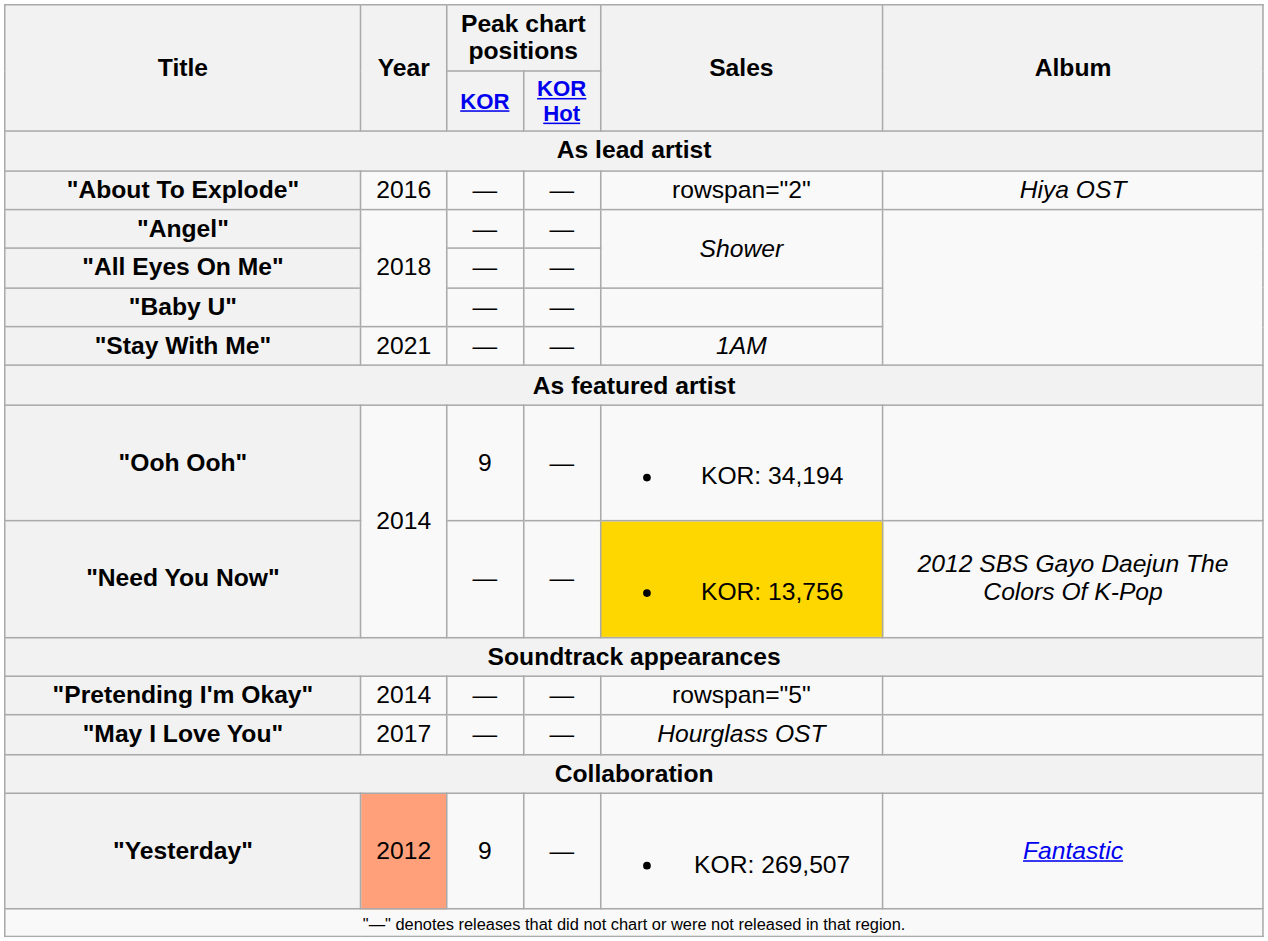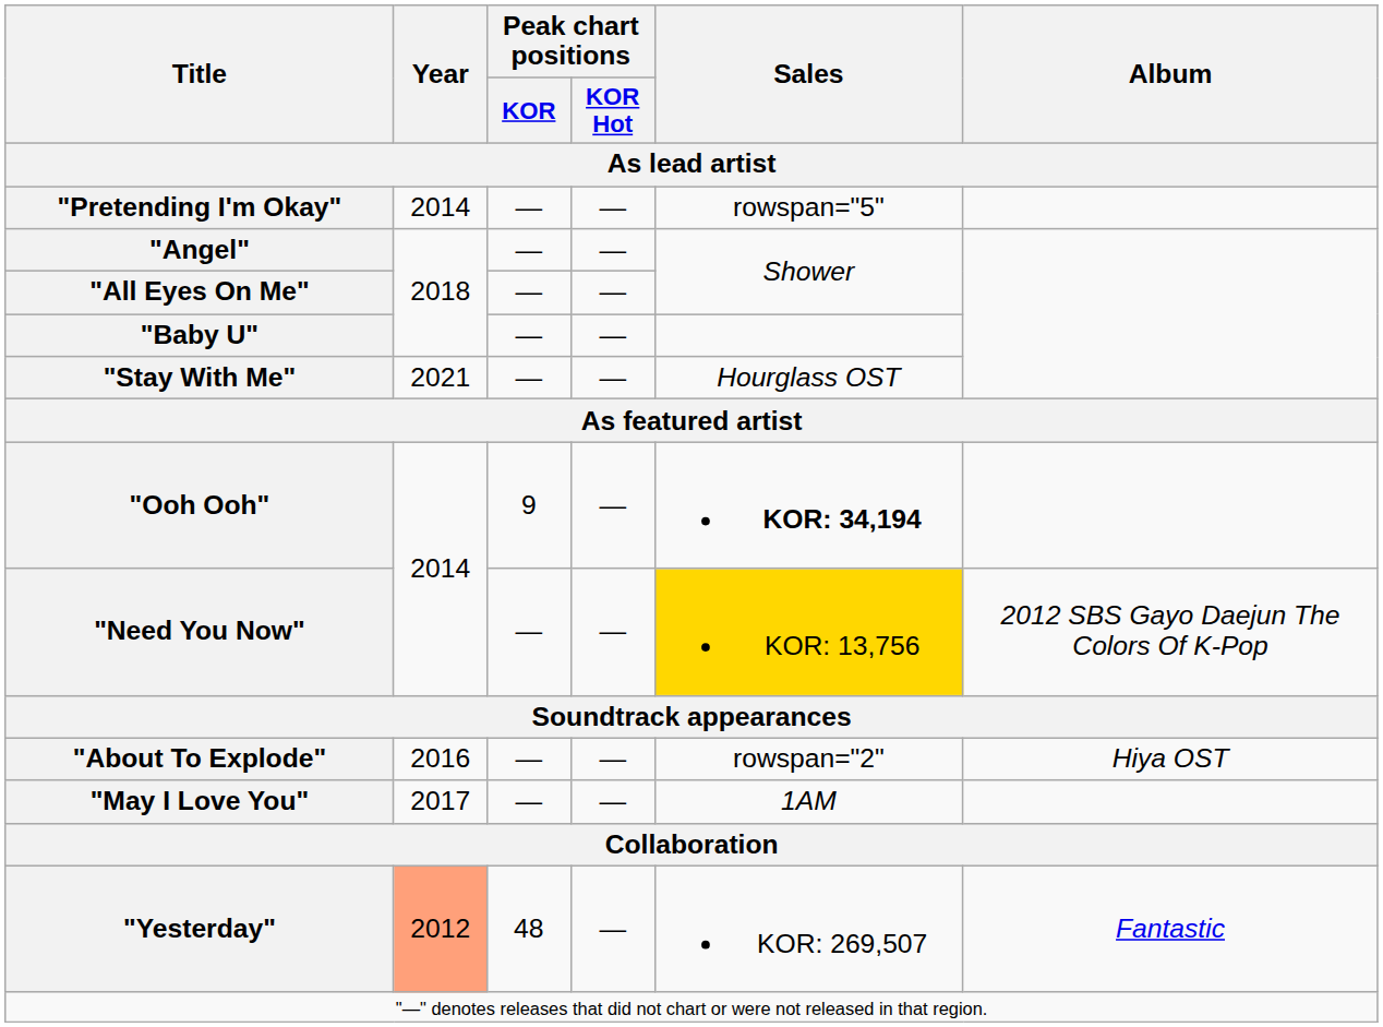 <table class="wikitable plainrowheaders" style="text-align:center">
 <tr>
 <th rowspan="2" scope="col" style="width:14em">Title</th>
 <th rowspan="2" scope="col" style="width:3em">Year</th>
 <th colspan="2" scope="col">Peak chart positions</th>
 <th rowspan="2" scope="col" style="width:11em">Sales<br></th>
 <th rowspan="2" scope="col" style="width:15em">Album</th>
 </tr>
 <tr>
 <th scope="col" style="width:3em;font-size:90%"><a href='#'>KOR</a><br></th>
 <th scope="col" style="width:3em;font-size:90%"><a href='#'>KOR Hot</a><br></th>
 </tr>
 <tr>
 <th colspan="6">As lead artist</th>
 </tr>
 <tr>
-<th scope="row">"About To Explode"<br></th>
-<td>2016</td>
+<th scope="row">"Pretending I'm Okay"</th>
+<td>2014</td>
 <td>—</td>
 <td>—</td>
-<td>rowspan="2" </td>
-<td><em>Hiya OST</em></td>
+<td>rowspan="5" </td>
+<td></td>
 </tr>
 <tr>
 <th scope="row">"Angel"</th>
 <td rowspan="3">2018</td>
 <td>—</td>
 <td>—</td>
 <td rowspan="2"><em>Shower</em></td>
 </tr>
 <tr>
 <th scope="row">"All Eyes On Me"</th>
 <td>—</td>
 <td>—</td>
 </tr>
 <tr>
 <th scope="row">"Baby U"</th>
 <td>—</td>
 <td>—</td>
 <td></td>
 </tr>
 <tr>
 <th scope="row">"Stay With Me"</th>
 <td>2021</td>
 <td>—</td>
 <td>—</td>
-<td><em>1AM</em></td>
+<td><em>Hourglass OST</em></td>
 </tr>
 <tr>
 <th colspan="6">As featured artist</th>
 </tr>
 <tr>
 <th scope="row">"Ooh Ooh"<br></th>
 <td rowspan="2">2014</td>
 <td>9</td>
 <td>—</td>
-<td><br><ul><li>KOR: 34,194</li></ul></td>
+<td><strong><br><ul><li>KOR: 34,194</li></ul></strong></td>
 <td></td>
 </tr>
 <tr>
 <th scope="row">"Need You Now"<br></th>
 <td>—</td>
 <td>—</td>
 <td style="background: gold;"><br><ul><li>KOR: 13,756</li></ul></td>
 <td><em>2012 SBS Gayo Daejun The Colors Of K-Pop</em></td>
 </tr>
 <tr>
 <th colspan="6">Soundtrack appearances</th>
 </tr>
 <tr>
-<th scope="row">"Pretending I'm Okay"</th>
-<td>2014</td>
+<th scope="row">"About To Explode"<br></th>
+<td>2016</td>
 <td>—</td>
 <td>—</td>
-<td>rowspan="5" </td>
-<td></td>
+<td>rowspan="2" </td>
+<td><em>Hiya OST</em></td>
 </tr>
 <tr>
 <th scope="row">"May I Love You"</th>
 <td>2017</td>
 <td>—</td>
 <td>—</td>
-<td><em>Hourglass OST</em></td>
+<td><em>1AM</em></td>
 </tr>
 <tr>
 <th colspan="6">Collaboration</th>
 </tr>
 <tr>
 <th scope="row">"Yesterday"<br></th>
 <td style="background: lightsalmon;">2012</td>
-<td>9</td>
+<td>48</td>
 <td>—</td>
 <td><br><ul><li>KOR: 269,507</li></ul></td>
 <td><em><a href='#'>Fantastic</a></em></td>
 </tr>
 <tr>
 <td colspan="6" style="font-size:8pt">"—" denotes releases that did not chart or were not released in that region.</td>
 </tr>
 </table>
